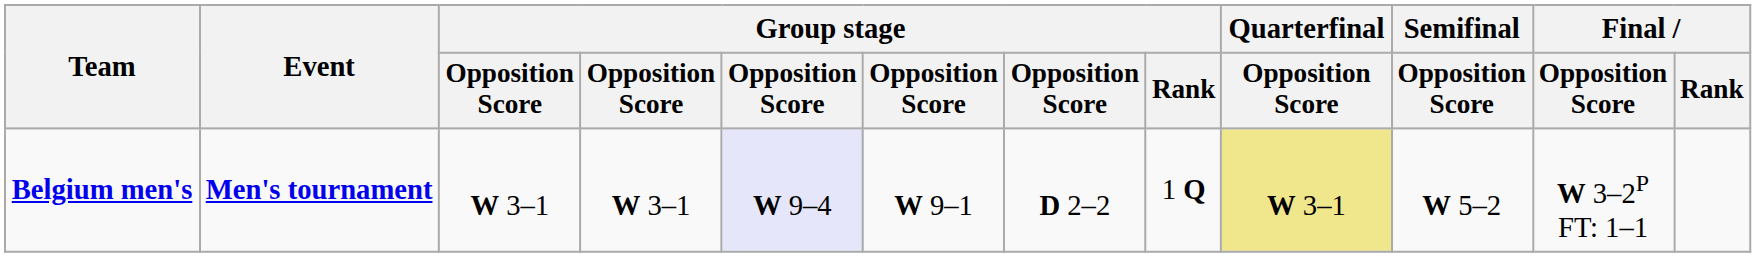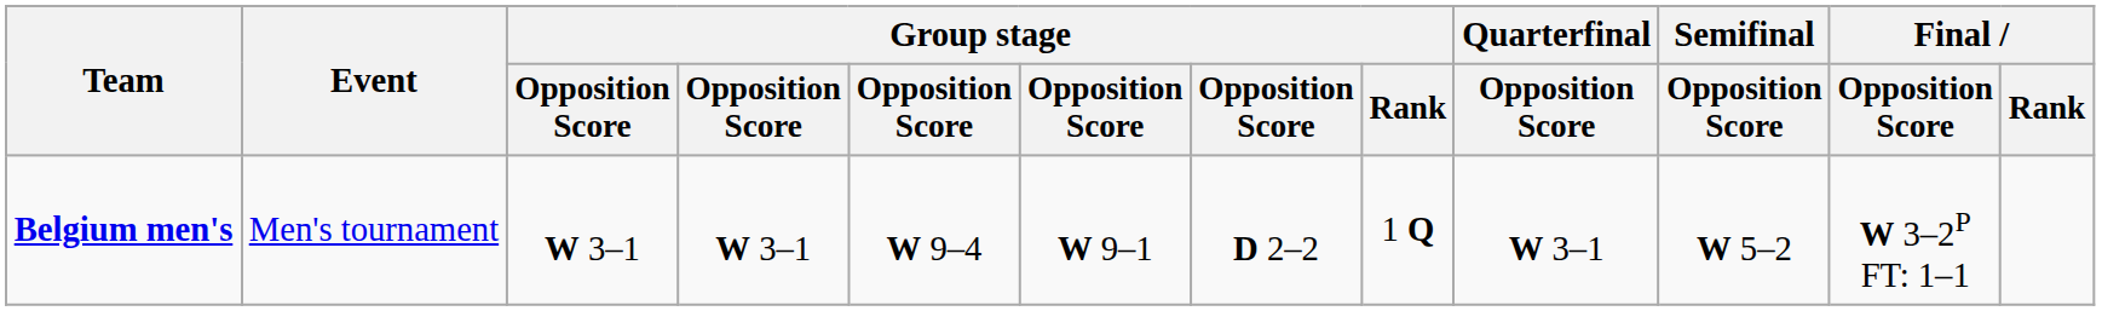 <table class="wikitable" style="font-size:90%">
 <tr>
 <th rowspan=2>Team</th>
 <th rowspan=2>Event</th>
 <th colspan=6>Group stage</th>
 <th>Quarterfinal</th>
 <th>Semifinal</th>
 <th colspan=2>Final / </th>
 </tr>
 <tr style="font-size:95%">
 <th>Opposition<br>Score</th>
 <th>Opposition<br>Score</th>
 <th>Opposition<br>Score</th>
 <th>Opposition<br>Score</th>
 <th>Opposition<br>Score</th>
 <th>Rank</th>
 <th>Opposition<br>Score</th>
 <th>Opposition<br>Score</th>
 <th>Opposition<br>Score</th>
 <th>Rank</th>
 </tr>
 <tr align=center>
 <td align=left><strong><a href='#'>Belgium men's</a></strong></td>
-<td align=left><strong><a href='#'>Men's tournament</a></strong></td>
+<td align=left><a href='#'>Men's tournament</a></td>
 <td><br><strong>W</strong> 3–1</td>
 <td><br><strong>W</strong> 3–1</td>
-<td style="background: lavender;"><br><strong>W</strong> 9–4</td>
+<td><br><strong>W</strong> 9–4</td>
 <td><br><strong>W</strong> 9–1</td>
 <td><br><strong>D</strong> 2–2</td>
 <td>1 <strong>Q</strong></td>
-<td style="background: khaki;"><br><strong>W</strong> 3–1</td>
+<td><br><strong>W</strong> 3–1</td>
 <td><br><strong>W</strong> 5–2</td>
 <td><br><strong>W</strong> 3–2<sup>P</sup><br>FT: 1–1</td>
 <td></td>
 </tr>
 </table>
